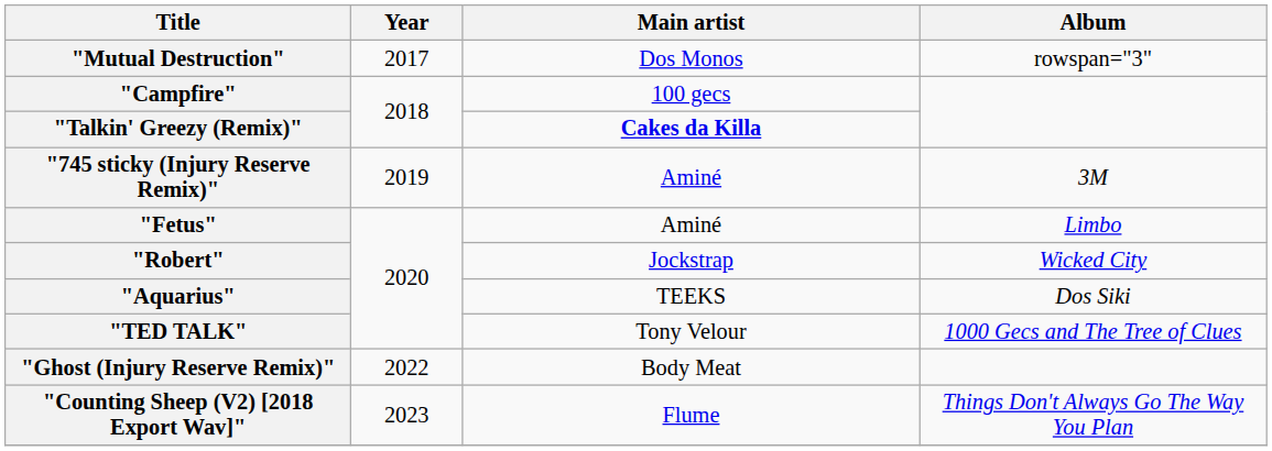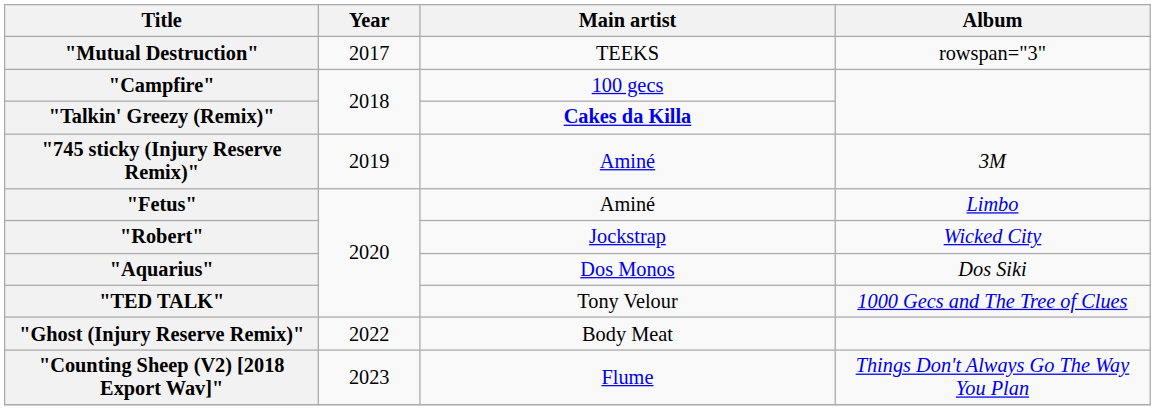 <table class="wikitable plainrowheaders" style="text-align:center;">
 <tr>
 <th scope="col" style="width:15em;">Title</th>
 <th scope="col" style="width:4.5em;">Year</th>
 <th scope="col" style="width:20em;">Main artist</th>
 <th scope="col" style="width:15em;">Album</th>
 </tr>
 <tr>
 <th scope="row">"Mutual Destruction"</th>
 <td rowspan="1">2017</td>
-<td><a href='#'>Dos Monos</a></td>
+<td>TEEKS</td>
 <td>rowspan="3" </td>
 </tr>
 <tr>
 <th scope="row">"Campfire"</th>
 <td rowspan="2">2018</td>
 <td><a href='#'>100 gecs</a></td>
 </tr>
 <tr>
 <th scope="row">"Talkin' Greezy (Remix)"</th>
 <td><strong><a href='#'>Cakes da Killa</a></strong></td>
 </tr>
 <tr>
 <th scope="row">"745 sticky (Injury Reserve Remix)"</th>
 <td>2019</td>
 <td><a href='#'>Aminé</a></td>
 <td><em>3M</em></td>
 </tr>
 <tr>
 <th scope="row">"Fetus"</th>
 <td rowspan="4">2020</td>
 <td>Aminé</td>
 <td><em><a href='#'>Limbo</a></em></td>
 </tr>
 <tr>
 <th scope="row">"Robert"</th>
 <td><a href='#'>Jockstrap</a></td>
 <td><em><a href='#'>Wicked City</a></em></td>
 </tr>
 <tr>
 <th scope="row">"Aquarius"</th>
-<td>TEEKS</td>
+<td><a href='#'>Dos Monos</a></td>
 <td><em>Dos Siki</em></td>
 </tr>
 <tr>
 <th scope="row">"TED TALK"</th>
 <td>Tony Velour</td>
 <td><em><a href='#'>1000 Gecs and The Tree of Clues</a></em></td>
 </tr>
 <tr>
 <th scope="row">"Ghost (Injury Reserve Remix)"</th>
 <td rowspan="1">2022</td>
 <td>Body Meat</td>
 <td></td>
 </tr>
 <tr>
 <th scope="row">"Counting Sheep (V2) [2018 Export Wav]"</th>
 <td rowspan="1">2023</td>
 <td><a href='#'>Flume</a></td>
 <td><em><a href='#'>Things Don't Always Go The Way You Plan</a></em></td>
 </tr>
 <tr>
 </tr>
 </table>
